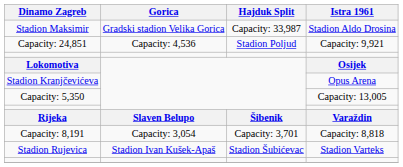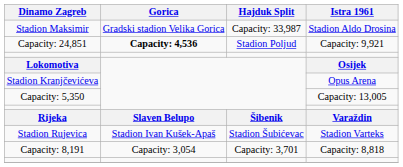 <table class="wikitable" style="text-align:center;">
 <tr>
 <th><a href='#'>Dinamo Zagreb</a></th>
 <th><a href='#'>Gorica</a></th>
 <th><a href='#'>Hajduk Split</a></th>
 <th><a href='#'>Istra 1961</a></th>
 </tr>
 <tr>
 <td><a href='#'>Stadion Maksimir</a></td>
 <td><a href='#'>Gradski stadion Velika Gorica</a></td>
 <td>Capacity: 33,987</td>
 <td><a href='#'>Stadion Aldo Drosina</a></td>
 </tr>
 <tr>
 <td>Capacity: 24,851</td>
-<td>Capacity: 4,536</td>
+<td><strong>Capacity: 4,536</strong></td>
 <td><a href='#'>Stadion Poljud</a></td>
 <td>Capacity: 9,921</td>
 </tr>
 <tr>
 <td></td>
 <td></td>
 <td></td>
 <td></td>
 </tr>
 <tr>
 <th><a href='#'>Lokomotiva</a></th>
 <td colspan="2" rowspan="4"><br> </td>
 <th><a href='#'>Osijek</a></th>
 </tr>
 <tr>
 <td><a href='#'>Stadion Kranjčevićeva</a></td>
 <td><a href='#'>Opus Arena</a></td>
 </tr>
 <tr>
 <td>Capacity: 5,350</td>
 <td>Capacity: 13,005</td>
 </tr>
 <tr>
 <td></td>
 <td></td>
 </tr>
 <tr>
 <th><a href='#'>Rijeka</a></th>
 <th><a href='#'>Slaven Belupo</a></th>
 <th><a href='#'>Šibenik</a></th>
 <th><a href='#'>Varaždin</a></th>
 </tr>
 <tr>
+<td><a href='#'>Stadion Rujevica</a></td>
+<td><a href='#'>Stadion Ivan Kušek-Apaš</a></td>
+<td><a href='#'>Stadion Šubićevac</a></td>
+<td><a href='#'>Stadion Varteks</a></td>
+</tr>
+<tr>
 <td>Capacity: 8,191</td>
 <td>Capacity: 3,054</td>
 <td>Capacity: 3,701</td>
 <td>Capacity: 8,818</td>
-</tr>
-<tr>
-<td><a href='#'>Stadion Rujevica</a></td>
-<td><a href='#'>Stadion Ivan Kušek-Apaš</a></td>
-<td><a href='#'>Stadion Šubićevac</a></td>
-<td><a href='#'>Stadion Varteks</a></td>
 </tr>
 <tr>
 <td></td>
 <td></td>
 <td></td>
 <td></td>
 </tr>
 <tr>
 </tr>
 </table>
